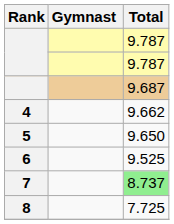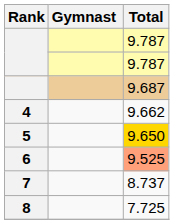 <table class="wikitable sortable" style="text-align:center; font-size:95%">
 <tr>
 <th scope=col>Rank</th>
 <th scope=col>Gymnast </th>
 <th scope=col>Total</th>
 </tr>
 <tr bgcolor=fffcaf>
 <th scope=row style="text-align:center" rowspan=2></th>
 <td align=left> </td>
 <td>9.787</td>
 </tr>
 <tr bgcolor=fffcaf>
 <td align=left> </td>
 <td>9.787</td>
 </tr>
 <tr bgcolor=eecc99>
 <th scope=row style="text-align:center"></th>
 <td align=left> </td>
 <td>9.687</td>
 </tr>
 <tr>
 <th scope=row style="text-align:center">4</th>
 <td align=left> </td>
 <td>9.662</td>
 </tr>
 <tr>
 <th scope=row style="text-align:center">5</th>
 <td align=left> </td>
-<td>9.650</td>
+<td style="background: gold;">9.650</td>
 </tr>
 <tr>
 <th scope=row style="text-align:center">6</th>
 <td align=left> </td>
-<td>9.525</td>
+<td style="background: lightsalmon;">9.525</td>
 </tr>
 <tr>
 <th scope=row style="text-align:center">7</th>
 <td align=left> </td>
-<td style="background: lightgreen;">8.737</td>
+<td>8.737</td>
 </tr>
 <tr>
 <th scope=row style="text-align:center">8</th>
 <td align=left> </td>
 <td>7.725</td>
 </tr>
 <tr>
 </tr>
 </table>
